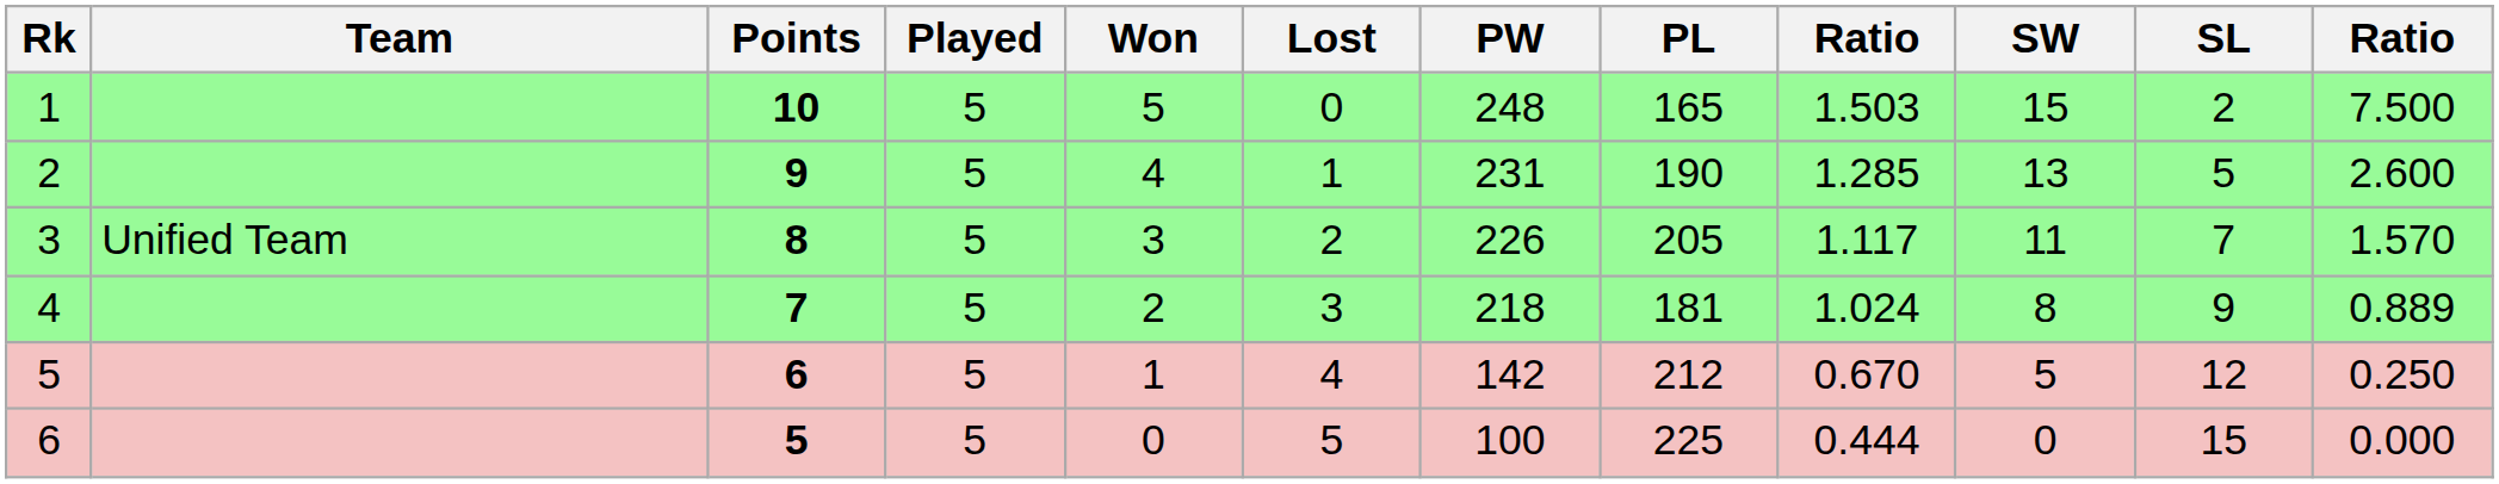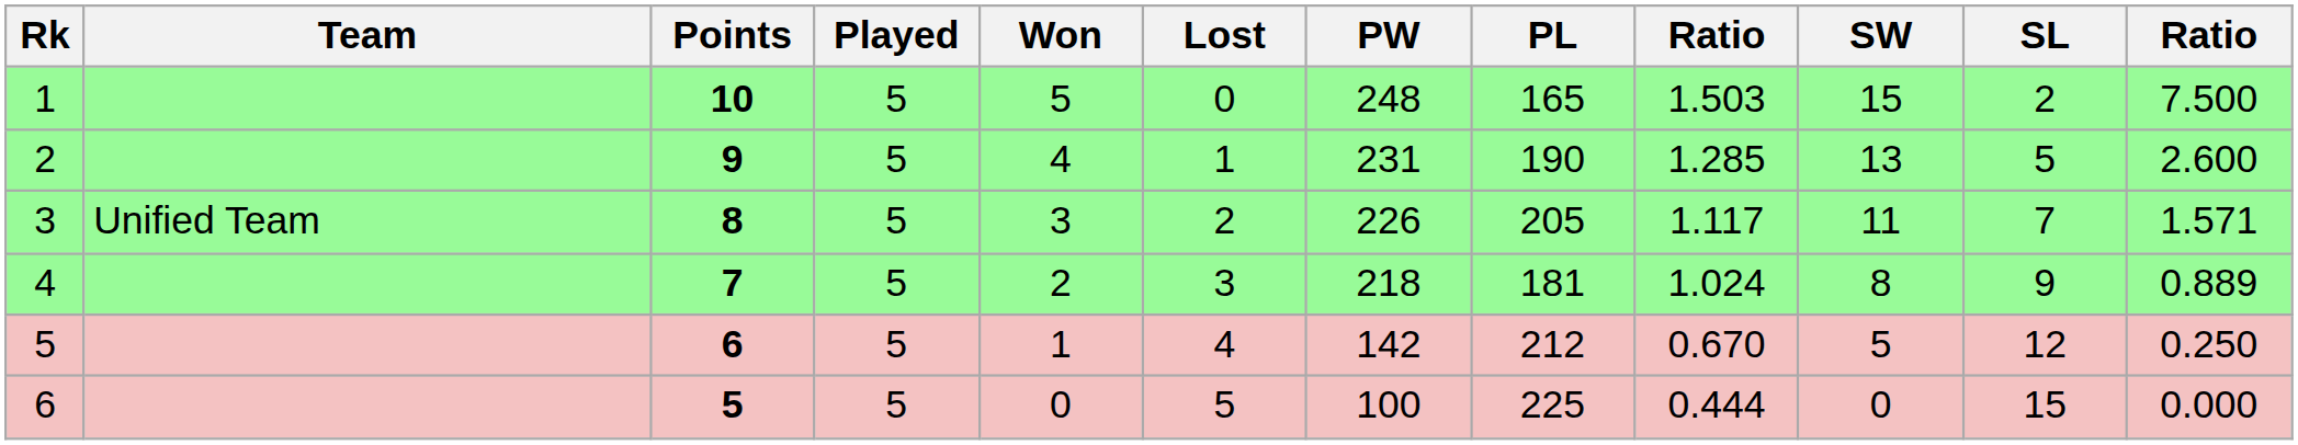 <table class=wikitable style=text-align:center>
 <tr>
 <th width=25>Rk</th>
 <th width=225>Team</th>
 <th width=60>Points</th>
 <th width=60>Played</th>
 <th width=60>Won</th>
 <th width=60>Lost</th>
 <th width=60>PW</th>
 <th width=60>PL</th>
 <th width=60>Ratio</th>
 <th width=60>SW</th>
 <th width=60>SL</th>
 <th width=60>Ratio</th>
 </tr>
 <tr bgcolor=98fb98>
 <td>1</td>
 <td align=left></td>
 <td><strong>10</strong></td>
 <td>5</td>
 <td>5</td>
 <td>0</td>
 <td>248</td>
 <td>165</td>
 <td>1.503</td>
 <td>15</td>
 <td>2</td>
 <td>7.500</td>
 </tr>
 <tr bgcolor=98fb98>
 <td>2</td>
 <td align=left></td>
 <td><strong>9</strong></td>
 <td>5</td>
 <td>4</td>
 <td>1</td>
 <td>231</td>
 <td>190</td>
 <td>1.285</td>
 <td>13</td>
 <td>5</td>
 <td>2.600</td>
 </tr>
 <tr bgcolor=98fb98>
 <td>3</td>
 <td align=left> Unified Team</td>
 <td><strong>8</strong></td>
 <td>5</td>
 <td>3</td>
 <td>2</td>
 <td>226</td>
 <td>205</td>
 <td>1.117</td>
 <td>11</td>
 <td>7</td>
-<td>1.570</td>
+<td>1.571</td>
 </tr>
 <tr bgcolor=98fb98>
 <td>4</td>
 <td align=left></td>
 <td><strong>7</strong></td>
 <td>5</td>
 <td>2</td>
 <td>3</td>
 <td>218</td>
 <td>181</td>
 <td>1.024</td>
 <td>8</td>
 <td>9</td>
 <td>0.889</td>
 </tr>
 <tr bgcolor=F4C2C2>
 <td>5</td>
 <td align=left></td>
 <td><strong>6</strong></td>
 <td>5</td>
 <td>1</td>
 <td>4</td>
 <td>142</td>
 <td>212</td>
 <td>0.670</td>
 <td>5</td>
 <td>12</td>
 <td>0.250</td>
 </tr>
 <tr bgcolor=F4C2C2>
 <td>6</td>
 <td align=left></td>
 <td><strong>5</strong></td>
 <td>5</td>
 <td>0</td>
 <td>5</td>
 <td>100</td>
 <td>225</td>
 <td>0.444</td>
 <td>0</td>
 <td>15</td>
 <td>0.000</td>
 </tr>
 </table>
